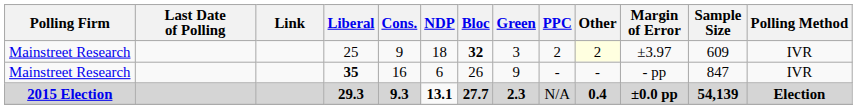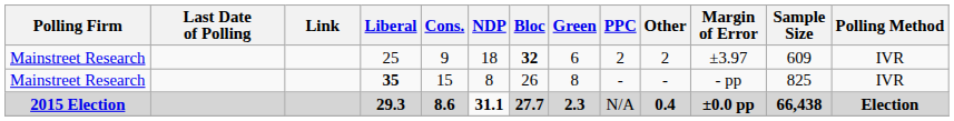 <table class="wikitable sortable" style="text-align:center;font-size:90%;line-height:14px;">
 <tr style="background:#e9e9e9;">
 <th style="width:120px">Polling Firm</th>
 <th style="width:110px">Last Date<br>of Polling</th>
 <th style="width:60px" class="unsortable">Link</th>
 <th style="background-color:"><strong><a href='#'>Liberal</a></strong></th>
 <th style="background-color:"><strong><a href='#'>Cons.</a></strong></th>
 <th style="background-color:"><strong><a href='#'>NDP</a></strong></th>
 <th style="background-color:"><strong><a href='#'>Bloc</a></strong></th>
 <th style="background-color:"><strong><a href='#'>Green</a></strong></th>
 <th style="background-color:"><strong><a href='#'>PPC</a></strong></th>
 <th style="background-color:"><strong>Other</strong></th>
 <th style="width:60px;" class=unsortable>Margin<br>of Error</th>
 <th style="width:50px;" class=unsortable>Sample<br>Size</th>
 <th class=unsortable>Polling Method</th>
 </tr>
 <tr>
 <td><a href='#'>Mainstreet Research</a></td>
 <td></td>
 <td></td>
 <td>25</td>
 <td>9</td>
 <td>18</td>
 <td style="background-color:"><strong>32</strong></td>
-<td>3</td>
+<td>6</td>
 <td>2</td>
-<td style="background: lightyellow;">2</td>
+<td>2</td>
 <td>±3.97</td>
 <td>609</td>
 <td>IVR</td>
 </tr>
 <tr>
 <td><a href='#'>Mainstreet Research</a></td>
 <td></td>
 <td></td>
 <td><strong>35</strong></td>
-<td>16</td>
-<td>6</td>
+<td>15</td>
+<td>8</td>
 <td>26</td>
-<td>9</td>
+<td>8</td>
 <td>-</td>
 <td>-</td>
 <td>- pp</td>
-<td>847</td>
+<td>825</td>
 <td>IVR</td>
 </tr>
 <tr>
 <td style="background:#D5D5D5"><strong><a href='#'>2015 Election</a></strong></td>
 <td style="background:#D5D5D5"><strong></strong></td>
 <td style="background:#D5D5D5"></td>
 <td style="background:#D5D5D5"><strong>29.3</strong></td>
-<td style="background:#D5D5D5"><strong>9.3</strong></td>
-<td><strong>13.1</strong></td>
+<td style="background:#D5D5D5"><strong>8.6</strong></td>
+<td><strong>31.1</strong></td>
 <td style="background:#D5D5D5"><strong>27.7</strong></td>
 <td style="background:#D5D5D5"><strong>2.3</strong></td>
 <td style="background:#D5D5D5">N/A</td>
 <td style="background:#D5D5D5"><strong>0.4</strong></td>
 <td style="background:#D5D5D5"><strong>±0.0 pp</strong></td>
-<td style="background:#D5D5D5"><strong>54,139</strong></td>
+<td style="background:#D5D5D5"><strong>66,438</strong></td>
 <td style="background:#D5D5D5"><strong>Election</strong></td>
 </tr>
 <tr>
 </tr>
 <tr>
 </tr>
 </table>
